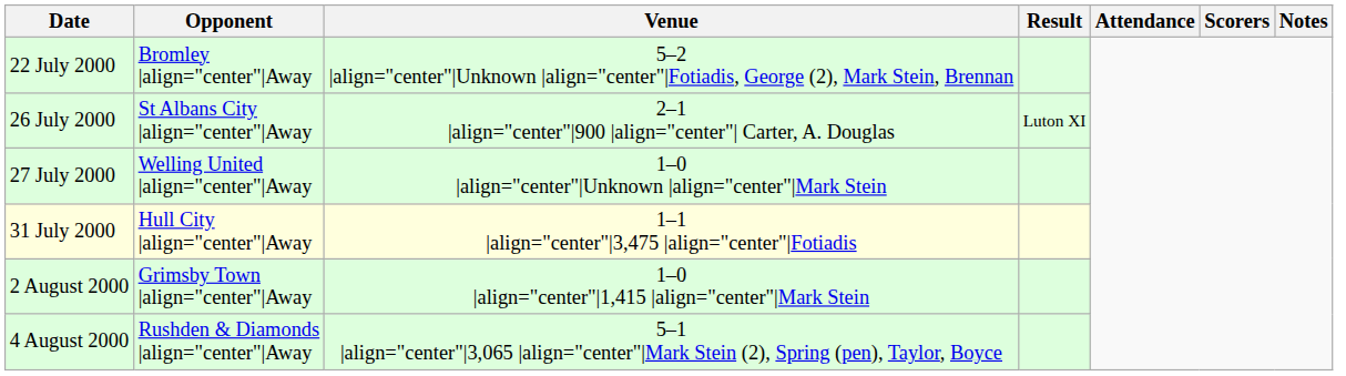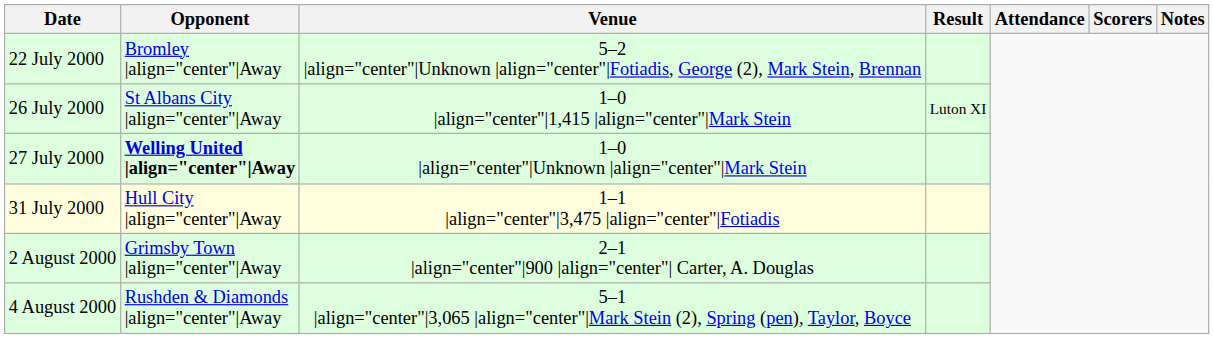 <table class="wikitable">
 <tr>
 <th>Date</th>
 <th>Opponent</th>
 <th>Venue</th>
 <th>Result</th>
 <th>Attendance</th>
 <th>Scorers</th>
 <th>Notes</th>
 </tr>
 <tr style="background:#dfd;">
 <td>22 July 2000</td>
 <td><a href='#'>Bromley</a><br>|align="center"|Away</td>
 <td style="text-align:center;">5–2<br>|align="center"|Unknown |align="center"|<a href='#'>Fotiadis</a>, <a href='#'>George</a> (2), <a href='#'>Mark Stein</a>, <a href='#'>Brennan</a></td>
 <td style="text-align:center;"></td>
 </tr>
 <tr style="background:#dfd;">
 <td>26 July 2000</td>
 <td><a href='#'>St Albans City</a><br>|align="center"|Away</td>
-<td style="text-align:center;">2–1<br>|align="center"|900 |align="center"| Carter, A. Douglas</td>
+<td style="text-align:center;">1–0<br>|align="center"|1,415 |align="center"|<a href='#'>Mark Stein</a></td>
 <td style="text-align:center;"><small>Luton XI</small></td>
 </tr>
 <tr style="background:#dfd;">
 <td>27 July 2000</td>
-<td><a href='#'>Welling United</a><br>|align="center"|Away</td>
+<td><strong><a href='#'>Welling United</a><br>|align="center"|Away</strong></td>
 <td style="text-align:center;">1–0<br>|align="center"|Unknown |align="center"|<a href='#'>Mark Stein</a></td>
 <td style="text-align:center;"></td>
 </tr>
 <tr style="background:#ffd;">
 <td>31 July 2000</td>
 <td><a href='#'>Hull City</a><br>|align="center"|Away</td>
 <td style="text-align:center;">1–1<br>|align="center"|3,475 |align="center"|<a href='#'>Fotiadis</a></td>
 <td style="text-align:center;"></td>
 </tr>
 <tr style="background:#dfd;">
 <td>2 August 2000</td>
 <td><a href='#'>Grimsby Town</a><br>|align="center"|Away</td>
-<td style="text-align:center;">1–0<br>|align="center"|1,415 |align="center"|<a href='#'>Mark Stein</a></td>
+<td style="text-align:center;">2–1<br>|align="center"|900 |align="center"| Carter, A. Douglas</td>
 <td style="text-align:center;"></td>
 </tr>
 <tr style="background:#dfd;">
 <td>4 August 2000</td>
 <td><a href='#'>Rushden & Diamonds</a><br>|align="center"|Away</td>
 <td style="text-align:center;">5–1<br>|align="center"|3,065 |align="center"|<a href='#'>Mark Stein</a> (2), <a href='#'>Spring</a> (<a href='#'>pen</a>), <a href='#'>Taylor</a>, <a href='#'>Boyce</a></td>
 <td style="text-align:center;"></td>
 </tr>
 </table>
